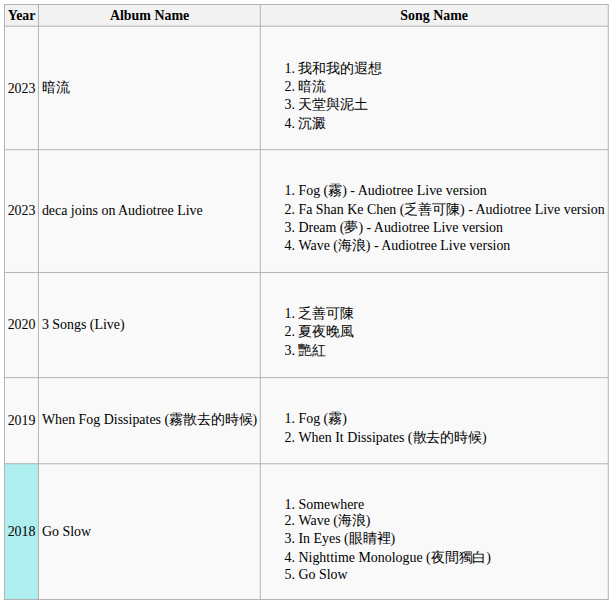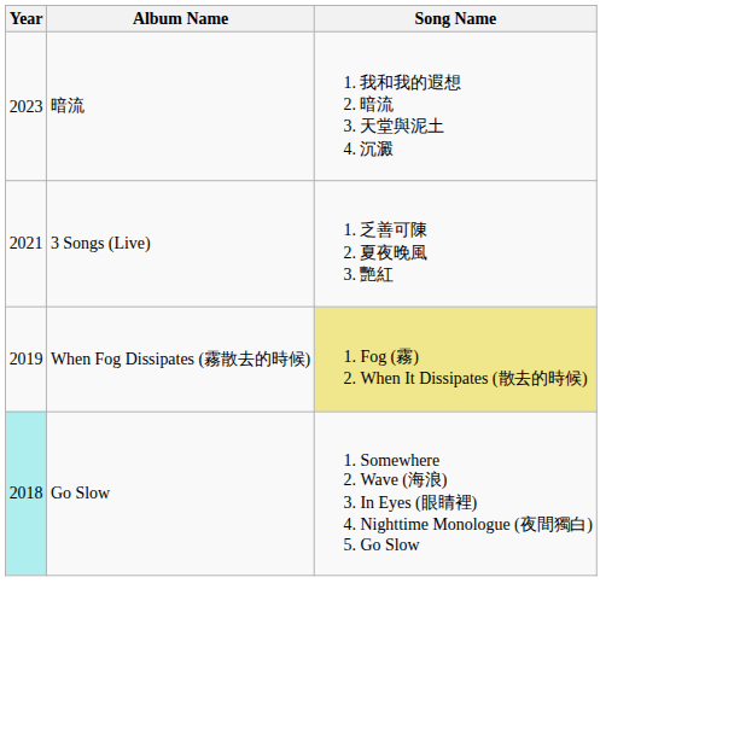 <table class="wikitable">
 <tr>
 <th>Year</th>
 <th>Album Name</th>
 <th>Song Name</th>
 </tr>
 <tr>
 <td>2023</td>
 <td>暗流</td>
 <td><br><ol><li>我和我的遐想</li><li>暗流</li><li>天堂與泥土</li><li>沉澱</li></ol></td>
 </tr>
 <tr>
-<td>2023</td>
-<td>deca joins on Audiotree Live</td>
-<td><br><ol><li>Fog (霧) - Audiotree Live version</li><li>Fa Shan Ke Chen (乏善可陳) - Audiotree Live version</li><li>Dream (夢) - Audiotree Live version</li><li>Wave (海浪) - Audiotree Live version</li></ol></td>
-</tr>
-<tr>
-<td>2020</td>
+<td>2021</td>
 <td>3 Songs (Live)</td>
 <td><br><ol><li>乏善可陳</li><li>夏夜晚風</li><li>艷紅</li></ol></td>
 </tr>
 <tr>
 <td>2019</td>
 <td>When Fog Dissipates (霧散去的時候)</td>
-<td><br><ol><li>Fog (霧)</li><li>When It Dissipates (散去的時候)</li></ol></td>
+<td style="background: khaki;"><br><ol><li>Fog (霧)</li><li>When It Dissipates (散去的時候)</li></ol></td>
 </tr>
 <tr>
 <td style="background: paleturquoise;">2018</td>
 <td>Go Slow</td>
 <td><br><ol><li>Somewhere</li><li>Wave (海浪)</li><li>In Eyes (眼睛裡)</li><li>Nighttime Monologue (夜間獨白)</li><li>Go Slow</li></ol></td>
 </tr>
 </table>
